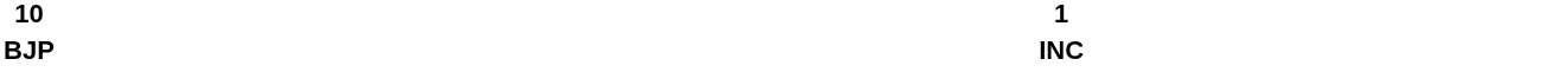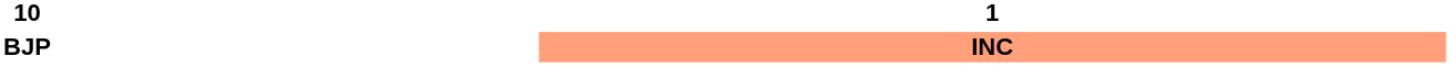 <table style="width:100%; text-align:center;">
 <tr>
 <td style="background:"><strong>10</strong></td>
 <td style="background:"><strong>1</strong></td>
 </tr>
 <tr>
 <td><span><strong>BJP</strong></span></td>
-<td><span><strong>INC</strong></span></td>
+<td style="background: lightsalmon;"><span><strong>INC</strong></span></td>
 </tr>
 </table>
